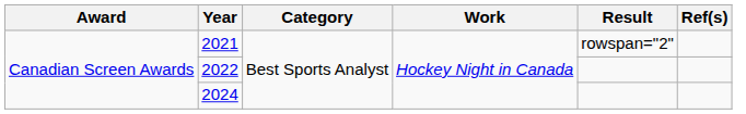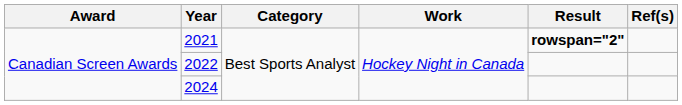 <table class="wikitable plainrowheaders sortable">
 <tr>
 <th>Award</th>
 <th>Year</th>
 <th>Category</th>
 <th>Work</th>
 <th>Result</th>
 <th>Ref(s)</th>
 </tr>
 <tr>
 <td rowspan="3"><a href='#'>Canadian Screen Awards</a></td>
 <td><a href='#'>2021</a></td>
 <td rowspan="3">Best Sports Analyst</td>
 <td rowspan="3"><em><a href='#'>Hockey Night in Canada</a></em></td>
-<td>rowspan="2" </td>
+<td><strong>rowspan="2" </strong></td>
 <td></td>
 </tr>
 <tr>
 <td><a href='#'>2022</a></td>
 <td></td>
 </tr>
 <tr>
 <td><a href='#'>2024</a></td>
 <td></td>
 <td></td>
 </tr>
 </table>
